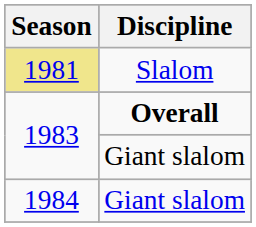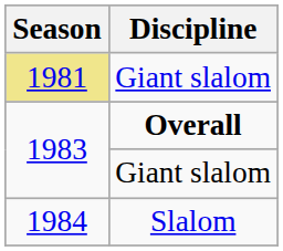 <table class="wikitable">
 <tr>
 <th>Season</th>
 <th>Discipline</th>
 </tr>
 <tr>
 <td align=center style="background: khaki;"><a href='#'>1981</a></td>
-<td align=center><a href='#'>Slalom</a></td>
+<td align=center><a href='#'>Giant slalom</a></td>
 </tr>
 <tr>
 <td rowspan=2 align=center><a href='#'>1983</a></td>
 <td align=center><strong>Overall</strong></td>
 </tr>
 <tr>
 <td align=center>Giant slalom</td>
 </tr>
 <tr>
 <td align=center><a href='#'>1984</a></td>
-<td align=center><a href='#'>Giant slalom</a></td>
+<td align=center><a href='#'>Slalom</a></td>
 </tr>
 </table>
